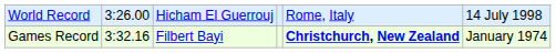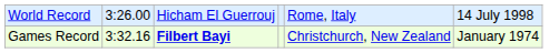 <table class="wikitable">
 <tr bgcolor = "ddeeff">
 <td><a href='#'>World Record</a></td>
 <td>3:26.00</td>
 <td><a href='#'>Hicham El Guerrouj</a></td>
 <td></td>
 <td><a href='#'>Rome</a>, <a href='#'>Italy</a></td>
 <td>14 July 1998</td>
 </tr>
 <tr bgcolor = "eeffdd">
 <td>Games Record</td>
 <td>3:32.16</td>
-<td><a href='#'>Filbert Bayi</a></td>
+<td><strong><a href='#'>Filbert Bayi</a></strong></td>
 <td></td>
-<td><strong><a href='#'>Christchurch</a>, <a href='#'>New Zealand</a></strong></td>
+<td><a href='#'>Christchurch</a>, <a href='#'>New Zealand</a></td>
 <td>January 1974</td>
 </tr>
 </table>
